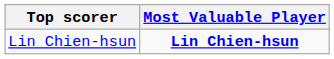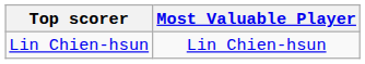 <table class="wikitable" style="margin: 0 auto;">
 <tr>
 <th>Top scorer</th>
 <th><a href='#'>Most Valuable Player</a></th>
 </tr>
 <tr>
 <td align = center> <a href='#'>Lin Chien-hsun</a></td>
-<td align = center><strong> <a href='#'>Lin Chien-hsun</a></strong></td>
+<td align = center> <a href='#'>Lin Chien-hsun</a></td>
 </tr>
 </table>
